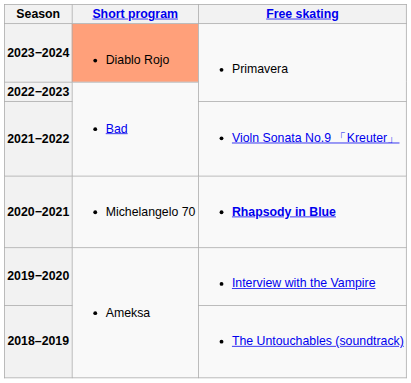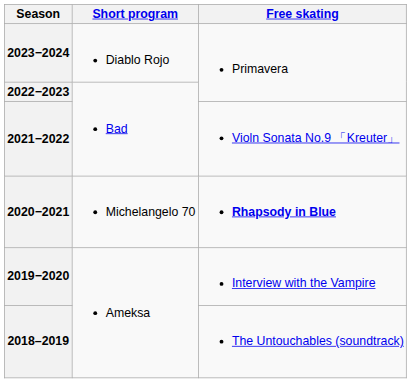 <table class="wikitable">
 <tr>
 <th>Season</th>
 <th><a href='#'>Short program</a></th>
 <th><a href='#'>Free skating</a></th>
 </tr>
 <tr>
 <th>2023−2024</th>
-<td style="background: lightsalmon;"><br><ul><li>Diablo Rojo <br> </li></ul></td>
+<td><br><ul><li>Diablo Rojo <br> </li></ul></td>
 <td rowspan=2><br><ul><li>Primavera<br> </li></ul></td>
 </tr>
 <tr>
 <th>2022−2023</th>
 <td rowspan=2><br><ul><li><a href='#'>Bad</a> <br>  <br> </li></ul></td>
 </tr>
 <tr>
 <th>2021−2022</th>
 <td><br><ul><li><a href='#'>Violn Sonata No.9 「Kreuter」</a><br>  <br> </li></ul></td>
 </tr>
 <tr>
 <th>2020−2021</th>
 <td><br><ul><li>Michelangelo 70 <br>  <br> </li></ul></td>
 <td><strong><br><ul><li><a href='#'>Rhapsody in Blue</a><br>  <br> </li></ul></strong></td>
 </tr>
 <tr>
 <th>2019−2020</th>
 <td rowspan=2><br><ul><li>Ameksa <br>  <br> </li></ul></td>
 <td><br><ul><li><a href='#'>Interview with the Vampire</a> <br> </li></ul></td>
 </tr>
 <tr>
 <th>2018–2019<br></th>
 <td><br><ul><li><a href='#'>The Untouchables (soundtrack)</a> <br>  <br> </li></ul></td>
 </tr>
 </table>
